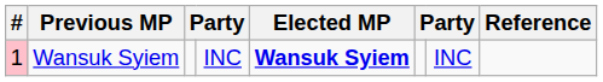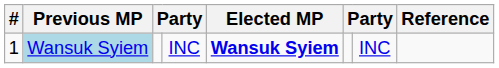 <table class="wikitable">
 <tr>
 <th>#</th>
 <th>Previous MP</th>
 <th colspan=2>Party</th>
 <th>Elected MP</th>
 <th colspan=2>Party</th>
 <th>Reference</th>
 </tr>
 <tr style="text-align:center;">
-<td style="background: pink;">1</td>
-<td><a href='#'>Wansuk Syiem</a></td>
+<td>1</td>
+<td style="background: lightblue;"><a href='#'>Wansuk Syiem</a></td>
 <td></td>
 <td><a href='#'>INC</a></td>
 <td><strong><a href='#'>Wansuk Syiem</a></strong></td>
 <td></td>
 <td><a href='#'>INC</a></td>
 <td rowspan=1></td>
 </tr>
 </table>
